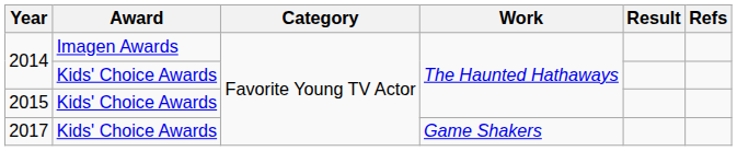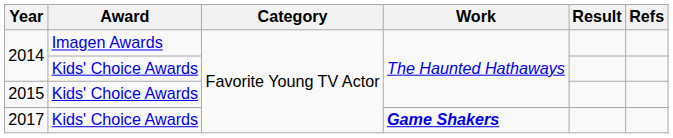 <table class="wikitable">
 <tr>
 <th>Year</th>
 <th>Award</th>
 <th>Category</th>
 <th>Work</th>
 <th>Result</th>
 <th>Refs</th>
 </tr>
 <tr>
 <td rowspan=2>2014</td>
 <td><a href='#'>Imagen Awards</a></td>
 <td rowspan=4>Favorite Young TV Actor</td>
 <td rowspan=3><em><a href='#'>The Haunted Hathaways</a></em></td>
 <td></td>
 <td style="text-align:center;"></td>
 </tr>
 <tr>
 <td><a href='#'>Kids' Choice Awards</a></td>
 <td></td>
 <td style="text-align:center;"></td>
 </tr>
 <tr>
 <td>2015</td>
 <td><a href='#'>Kids' Choice Awards</a></td>
 <td></td>
 <td style="text-align:center;"></td>
 </tr>
 <tr>
 <td>2017</td>
 <td><a href='#'>Kids' Choice Awards</a></td>
-<td><em><a href='#'>Game Shakers</a></em></td>
+<td><strong><em><a href='#'>Game Shakers</a></em></strong></td>
 <td></td>
 <td style="text-align:center;"></td>
 </tr>
 </table>
